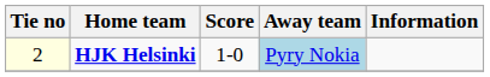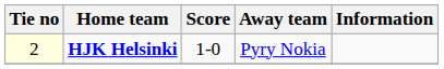 <table class="wikitable" style="text-align:center">
 <tr>
 <th style= width="40px">Tie no</th>
 <th style= width="150px">Home team</th>
 <th style= width="60px">Score</th>
 <th style= width="150px">Away team</th>
 <th style= width="30px">Information</th>
 </tr>
 <tr>
 <td style="background: lightyellow;">2</td>
 <td><strong><a href='#'>HJK Helsinki</a></strong></td>
 <td>1-0</td>
-<td style="background: lightblue;"><a href='#'>Pyry Nokia</a></td>
+<td><a href='#'>Pyry Nokia</a></td>
 <td></td>
 </tr>
 <tr>
 </tr>
 </table>
